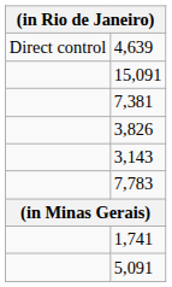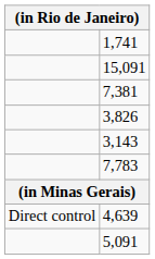 <table class="wikitable mw-collapsible mw-collapsed” role=" presentation” style="float:right; margin-left: 10px; border-spacing: 2px; border: 1px solid darkgray;” |">
 <tr>
 <th colspan="2”">(in Rio de Janeiro)</th>
 </tr>
 <tr>
-<td>Direct control</td>
-<td>4,639</td>
+<td></td>
+<td>1,741</td>
 </tr>
 <tr>
 <td></td>
 <td>15,091</td>
 </tr>
 <tr>
 <td></td>
 <td>7,381</td>
 </tr>
 <tr>
 <td></td>
 <td>3,826</td>
 </tr>
 <tr>
 <td></td>
 <td>3,143</td>
 </tr>
 <tr>
 <td></td>
 <td>7,783</td>
 </tr>
 <tr>
 <th colspan="2”">(in Minas Gerais)</th>
 </tr>
 <tr>
-<td></td>
-<td>1,741</td>
+<td>Direct control</td>
+<td>4,639</td>
 </tr>
 <tr>
 <td></td>
 <td>5,091</td>
 </tr>
 </table>
